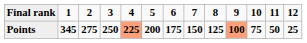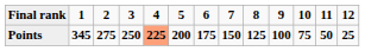 <table class="wikitable" style="font-weight:bold; text-align:center">
 <tr>
 <td align=left bgcolor=#efefef>Final rank</td>
 <td width=20>1</td>
 <td width=20>2</td>
 <td width=20>3</td>
 <td width=20>4</td>
 <td width=20>5</td>
 <td width=20>6</td>
 <td width=20>7</td>
 <td width=20>8</td>
 <td width=20>9</td>
 <td width=20>10</td>
 <td width=20>11</td>
 <td width=20>12</td>
 </tr>
 <tr>
 <td align=left bgcolor=#efefef>Points</td>
 <td width=20>345</td>
 <td width=20>275</td>
 <td width=20>250</td>
 <td width=20 style="background: lightsalmon;">225</td>
 <td width=20>200</td>
 <td width=20>175</td>
 <td width=20>150</td>
 <td width=20>125</td>
-<td width=20 style="background: lightsalmon;">100</td>
+<td width=20>100</td>
 <td width=20>75</td>
 <td width=20>50</td>
 <td width=20>25</td>
 </tr>
 </table>
